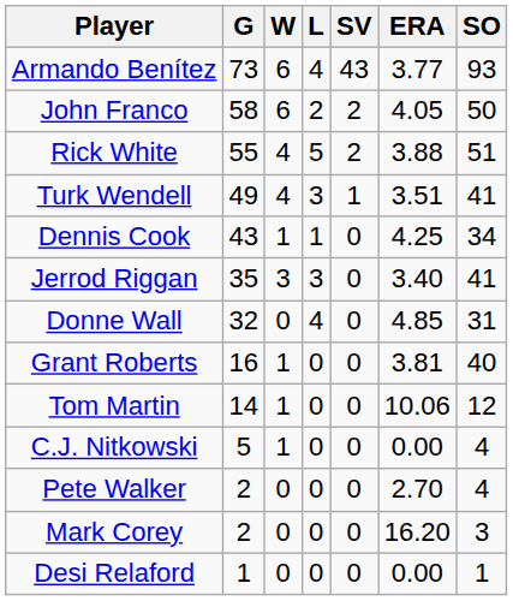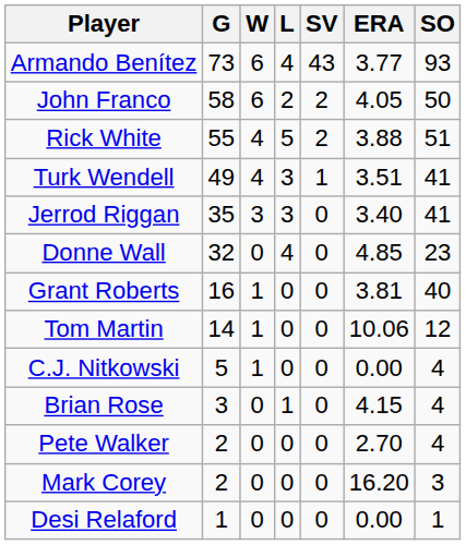 <table class="wikitable sortable">
 <tr>
 <th>Player</th>
 <th>G</th>
 <th>W</th>
 <th>L</th>
 <th>SV</th>
 <th>ERA</th>
 <th>SO</th>
 </tr>
 <tr align=center>
 <td><a href='#'>Armando Benítez</a></td>
 <td>73</td>
 <td>6</td>
 <td>4</td>
 <td>43</td>
 <td>3.77</td>
 <td>93</td>
 </tr>
 <tr align=center>
 <td><a href='#'>John Franco</a></td>
 <td>58</td>
 <td>6</td>
 <td>2</td>
 <td>2</td>
 <td>4.05</td>
 <td>50</td>
 </tr>
 <tr align=center>
 <td><a href='#'>Rick White</a></td>
 <td>55</td>
 <td>4</td>
 <td>5</td>
 <td>2</td>
 <td>3.88</td>
 <td>51</td>
 </tr>
 <tr align=center>
 <td><a href='#'>Turk Wendell</a></td>
 <td>49</td>
 <td>4</td>
 <td>3</td>
 <td>1</td>
 <td>3.51</td>
 <td>41</td>
 </tr>
 <tr align=center>
-<td><a href='#'>Dennis Cook</a></td>
-<td>43</td>
-<td>1</td>
-<td>1</td>
-<td>0</td>
-<td>4.25</td>
-<td>34</td>
-</tr>
-<tr align=center>
 <td><a href='#'>Jerrod Riggan</a></td>
 <td>35</td>
 <td>3</td>
 <td>3</td>
 <td>0</td>
 <td>3.40</td>
 <td>41</td>
 </tr>
 <tr align=center>
 <td><a href='#'>Donne Wall</a></td>
 <td>32</td>
 <td>0</td>
 <td>4</td>
 <td>0</td>
 <td>4.85</td>
-<td>31</td>
+<td>23</td>
 </tr>
 <tr align=center>
 <td><a href='#'>Grant Roberts</a></td>
 <td>16</td>
 <td>1</td>
 <td>0</td>
 <td>0</td>
 <td>3.81</td>
 <td>40</td>
 </tr>
 <tr align=center>
 <td><a href='#'>Tom Martin</a></td>
 <td>14</td>
 <td>1</td>
 <td>0</td>
 <td>0</td>
 <td>10.06</td>
 <td>12</td>
 </tr>
 <tr align=center>
 <td><a href='#'>C.J. Nitkowski</a></td>
 <td>5</td>
 <td>1</td>
 <td>0</td>
 <td>0</td>
 <td>0.00</td>
+<td>4</td>
+</tr>
+<tr align=center>
+<td><a href='#'>Brian Rose</a></td>
+<td>3</td>
+<td>0</td>
+<td>1</td>
+<td>0</td>
+<td>4.15</td>
 <td>4</td>
 </tr>
 <tr align=center>
 <td><a href='#'>Pete Walker</a></td>
 <td>2</td>
 <td>0</td>
 <td>0</td>
 <td>0</td>
 <td>2.70</td>
 <td>4</td>
 </tr>
 <tr align=center>
 <td><a href='#'>Mark Corey</a></td>
 <td>2</td>
 <td>0</td>
 <td>0</td>
 <td>0</td>
 <td>16.20</td>
 <td>3</td>
 </tr>
 <tr align=center>
 <td><a href='#'>Desi Relaford</a></td>
 <td>1</td>
 <td>0</td>
 <td>0</td>
 <td>0</td>
 <td>0.00</td>
 <td>1</td>
 </tr>
 </table>
